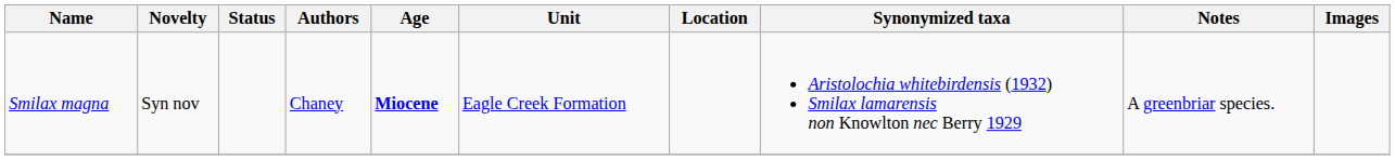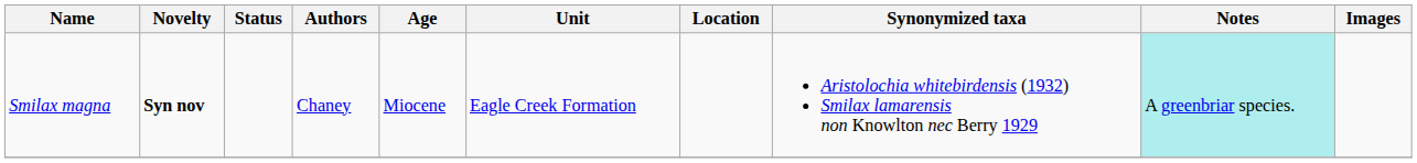 <table class="wikitable sortable" align="center" width="100%">
 <tr>
 <th>Name</th>
 <th>Novelty</th>
 <th>Status</th>
 <th>Authors</th>
 <th>Age</th>
 <th>Unit</th>
 <th>Location</th>
 <th>Synonymized taxa</th>
 <th>Notes</th>
 <th>Images</th>
 </tr>
 <tr>
 <td><br><em><a href='#'>Smilax magna</a></em></td>
-<td><br>Syn nov</td>
+<td><strong><br>Syn nov</strong></td>
 <td></td>
 <td><br><a href='#'>Chaney</a></td>
-<td><strong><br><a href='#'>Miocene</a></strong></td>
+<td><br><a href='#'>Miocene</a></td>
 <td><br><a href='#'>Eagle Creek Formation</a></td>
 <td><br><br></td>
 <td><br><ul><li><em><a href='#'>Aristolochia whitebirdensis</a></em> (<a href='#'>1932</a>)</li><li><em><a href='#'>Smilax lamarensis</a></em><br><em>non</em> Knowlton <em>nec</em> Berry <a href='#'>1929</a></li></ul></td>
-<td><br>A <a href='#'>greenbriar</a> species.</td>
+<td style="background: paleturquoise;"><br>A <a href='#'>greenbriar</a> species.</td>
 <td></td>
 </tr>
 <tr>
 </tr>
 </table>
